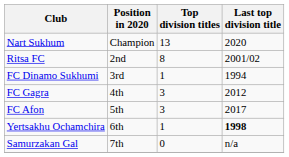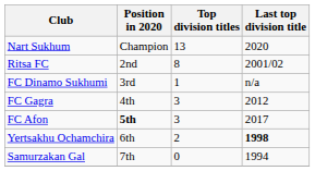 <table class="wikitable sortable">
 <tr>
 <th>Club</th>
 <th>Position<br>in 2020</th>
 <th>Top<br>division titles</th>
 <th>Last top<br>division title</th>
 </tr>
 <tr>
 <td><a href='#'>Nart Sukhum</a></td>
 <td>Champion</td>
 <td>13</td>
 <td>2020</td>
 </tr>
 <tr>
 <td><a href='#'>Ritsa FC</a></td>
 <td>2nd</td>
 <td>8</td>
 <td>2001/02</td>
 </tr>
 <tr>
 <td><a href='#'>FC Dinamo Sukhumi</a></td>
 <td>3rd</td>
 <td>1</td>
-<td>1994</td>
+<td>n/a</td>
 </tr>
 <tr>
 <td><a href='#'>FC Gagra</a></td>
 <td>4th</td>
 <td>3</td>
 <td>2012</td>
 </tr>
 <tr>
 <td><a href='#'>FC Afon</a></td>
-<td>5th</td>
+<td><strong>5th</strong></td>
 <td>3</td>
 <td>2017</td>
 </tr>
 <tr>
 <td><a href='#'>Yertsakhu Ochamchira</a></td>
 <td>6th</td>
-<td>1</td>
+<td>2</td>
 <td><strong>1998</strong></td>
 </tr>
 <tr>
 <td><a href='#'>Samurzakan Gal</a></td>
 <td>7th</td>
 <td>0</td>
-<td>n/a</td>
+<td>1994</td>
 </tr>
 <tr>
 </tr>
 </table>
